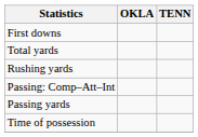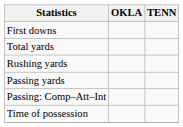 <table class="wikitable" style="float: left;">
 <tr>
 <th>Statistics</th>
 <th>OKLA</th>
 <th>TENN</th>
 </tr>
 <tr>
 <td>First downs</td>
 <td></td>
 <td></td>
 </tr>
 <tr>
 <td>Total yards</td>
 <td></td>
 <td></td>
 </tr>
 <tr>
 <td>Rushing yards</td>
 <td></td>
 <td></td>
 </tr>
 <tr>
-<td>Passing: Comp–Att–Int</td>
+<td>Passing yards</td>
 <td></td>
 <td></td>
 </tr>
 <tr>
-<td>Passing yards</td>
+<td>Passing: Comp–Att–Int</td>
 <td></td>
 <td></td>
 </tr>
 <tr>
 <td>Time of possession</td>
 <td></td>
 <td></td>
 </tr>
 <tr>
 </tr>
 </table>
